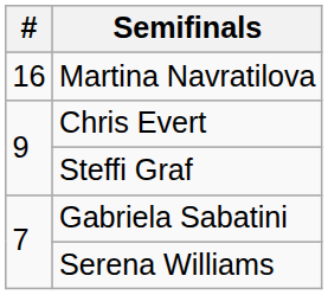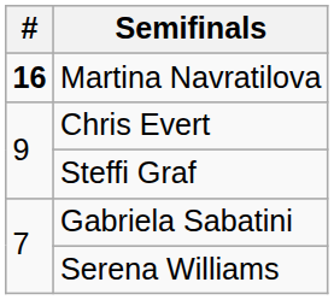 <table class="wikitable">
 <tr>
 <th>#</th>
 <th>Semifinals</th>
 </tr>
 <tr>
-<td>16</td>
+<td><strong>16</strong></td>
 <td> Martina Navratilova</td>
 </tr>
 <tr>
 <td rowspan="2">9</td>
 <td> Chris Evert</td>
 </tr>
 <tr>
 <td> Steffi Graf</td>
 </tr>
 <tr>
 <td rowspan="2">7</td>
 <td> Gabriela Sabatini</td>
 </tr>
 <tr>
 <td> Serena Williams</td>
 </tr>
 </table>
